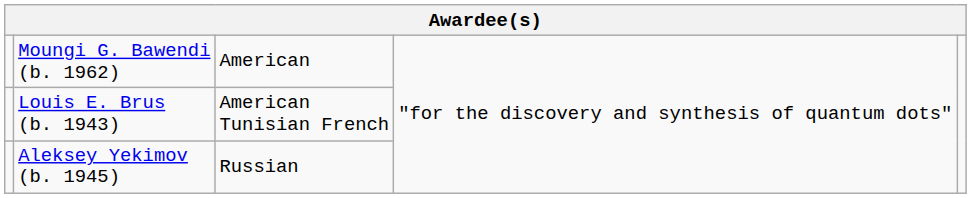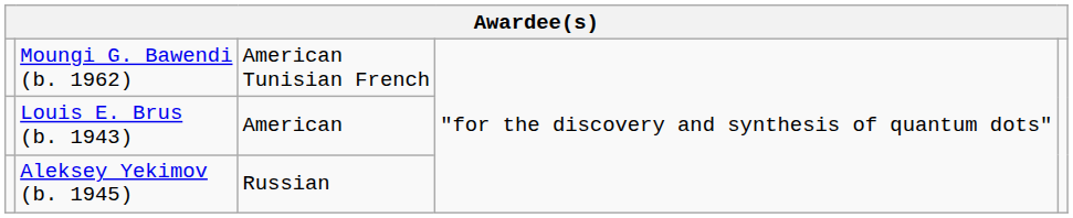 <table class="wikitable">
 <tr>
 <th colspan="5">Awardee(s)</th>
 </tr>
 <tr>
 <td></td>
 <td><a href='#'>Moungi G. Bawendi</a><br>(b. 1962)</td>
-<td> American</td>
+<td> American<br> Tunisian  French</td>
 <td rowspan="3">"for the discovery and synthesis of quantum dots"</td>
 <td rowspan="3"></td>
 </tr>
 <tr>
 <td></td>
 <td><a href='#'>Louis E. Brus</a><br>(b. 1943)</td>
-<td> American<br> Tunisian  French</td>
+<td> American</td>
 </tr>
 <tr>
 <td></td>
 <td><a href='#'>Aleksey Yekimov</a><br>(b. 1945)</td>
 <td> Russian</td>
 </tr>
 </table>
